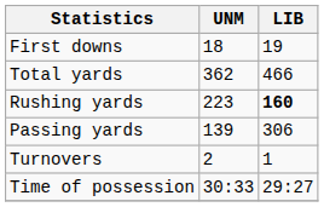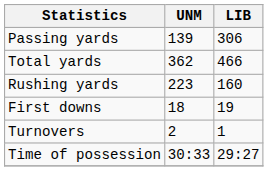 <table class="wikitable">
 <tr>
 <th>Statistics</th>
 <th>UNM</th>
 <th>LIB</th>
 </tr>
 <tr>
-<td>First downs</td>
-<td>18</td>
-<td>19</td>
+<td>Passing yards</td>
+<td>139</td>
+<td>306</td>
 </tr>
 <tr>
 <td>Total yards</td>
 <td>362</td>
 <td>466</td>
 </tr>
 <tr>
 <td>Rushing yards</td>
 <td>223</td>
-<td><strong>160</strong></td>
+<td>160</td>
 </tr>
 <tr>
-<td>Passing yards</td>
-<td>139</td>
-<td>306</td>
+<td>First downs</td>
+<td>18</td>
+<td>19</td>
 </tr>
 <tr>
 <td>Turnovers</td>
 <td>2</td>
 <td>1</td>
 </tr>
 <tr>
 <td>Time of possession</td>
 <td>30:33</td>
 <td>29:27</td>
 </tr>
 <tr>
 </tr>
 </table>
